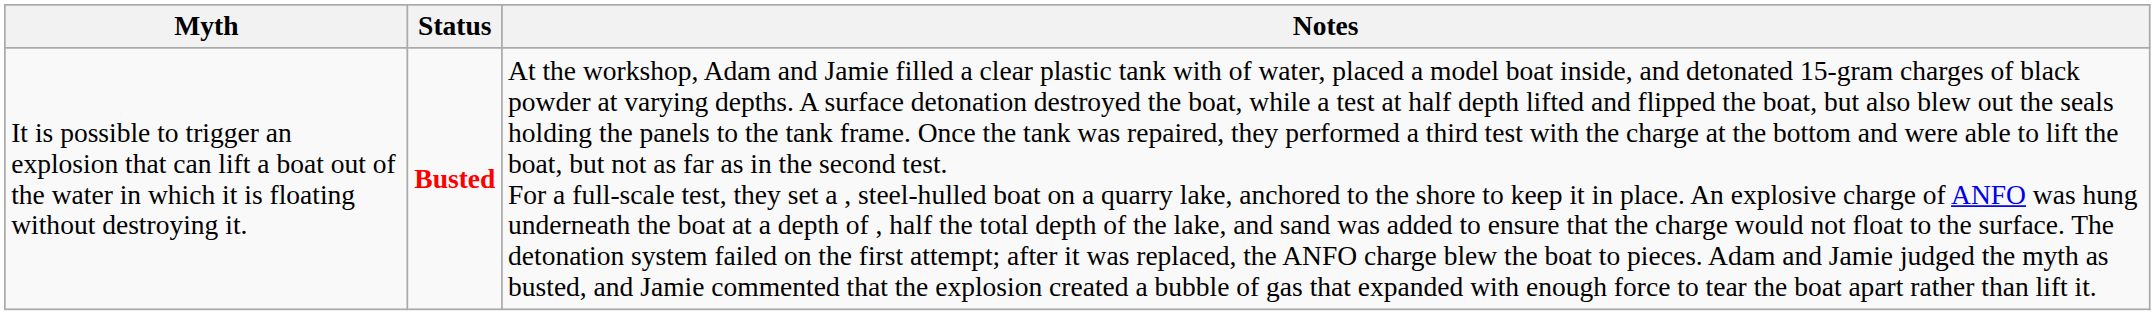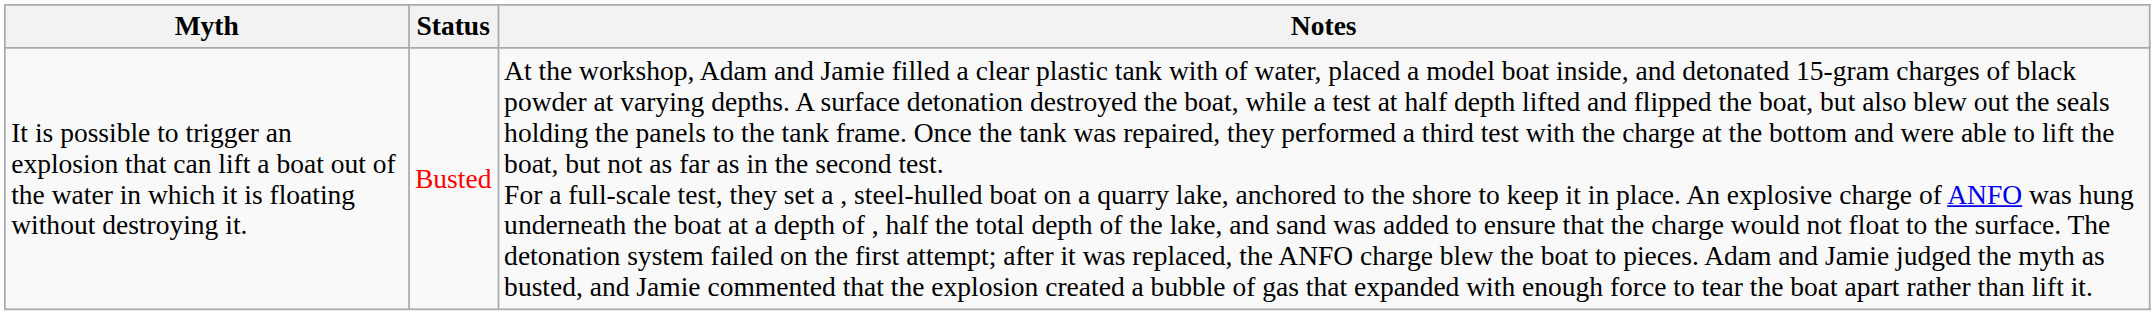 <table class="wikitable plainrowheaders">
 <tr>
 <th scope"col">Myth</th>
 <th scope"col">Status</th>
 <th scope"col">Notes</th>
 </tr>
 <tr>
 <td scope"row">It is possible to trigger an explosion that can lift a boat out of the water in which it is floating without destroying it.</td>
-<td style="color:red"><strong>Busted</strong></td>
+<td style="color:red">Busted</td>
 <td>At the workshop, Adam and Jamie filled a clear plastic tank with  of water, placed a model boat inside, and detonated 15-gram charges of black powder at varying depths. A surface detonation destroyed the boat, while a test at half depth lifted and flipped the boat, but also blew out the seals holding the panels to the tank frame. Once the tank was repaired, they performed a third test with the charge at the bottom and were able to lift the boat, but not as far as in the second test.<br>For a full-scale test, they set a ,  steel-hulled boat on a quarry lake, anchored to the shore to keep it in place. An explosive charge of  <a href='#'>ANFO</a> was hung underneath the boat at a depth of , half the total depth of the lake, and  sand was added to ensure that the charge would not float to the surface. The detonation system failed on the first attempt; after it was replaced, the ANFO charge blew the boat to pieces. Adam and Jamie judged the myth as busted, and Jamie commented that the explosion created a bubble of gas that expanded with enough force to tear the boat apart rather than lift it.</td>
 </tr>
 </table>
